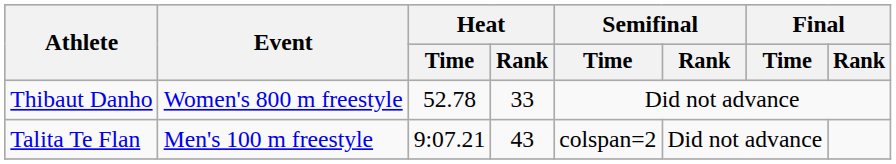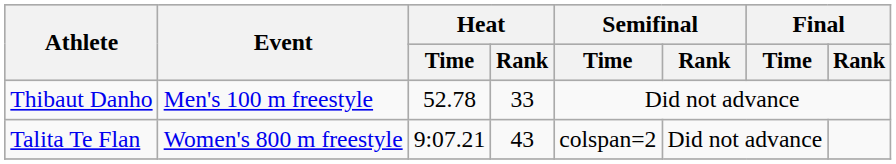 <table class=wikitable style="font-size:90%">
 <tr>
 <th rowspan="2">Athlete</th>
 <th rowspan="2">Event</th>
 <th colspan="2">Heat</th>
 <th colspan="2">Semifinal</th>
 <th colspan="2">Final</th>
 </tr>
 <tr style="font-size:95%">
 <th>Time</th>
 <th>Rank</th>
 <th>Time</th>
 <th>Rank</th>
 <th>Time</th>
 <th>Rank</th>
 </tr>
 <tr align=center>
 <td align=left><a href='#'>Thibaut Danho</a></td>
-<td align=left><a href='#'>Women's 800 m freestyle</a></td>
+<td align=left><a href='#'>Men's 100 m freestyle</a></td>
 <td>52.78</td>
 <td>33</td>
 <td colspan=4>Did not advance</td>
 </tr>
 <tr align=center>
 <td align=left><a href='#'>Talita Te Flan</a></td>
-<td align=left><a href='#'>Men's 100 m freestyle</a></td>
+<td align=left><a href='#'>Women's 800 m freestyle</a></td>
 <td>9:07.21</td>
 <td>43</td>
 <td>colspan=2 </td>
 <td colspan=2>Did not advance</td>
 </tr>
 </table>
